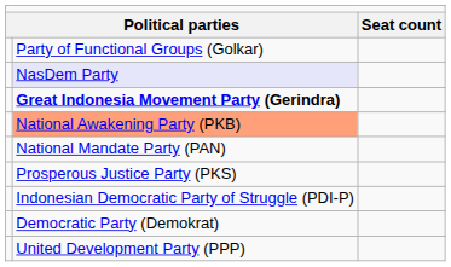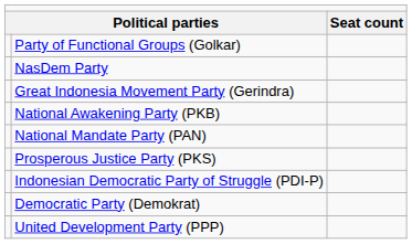 <table class="wikitable">
 <tr>
 <td colspan="4"></td>
 </tr>
 <tr>
 <th colspan="2">Political parties</th>
 <th>Seat count</th>
 </tr>
 <tr>
 <td bgcolor=></td>
 <td><a href='#'>Party of Functional Groups</a> (Golkar)</td>
 <td></td>
 </tr>
 <tr>
 <td bgcolor=></td>
-<td style="background: lavender;"><a href='#'>NasDem Party</a></td>
+<td><a href='#'>NasDem Party</a></td>
 <td></td>
 </tr>
 <tr>
 <td bgcolor=></td>
-<td><strong><a href='#'>Great Indonesia Movement Party</a> (Gerindra)</strong></td>
+<td><a href='#'>Great Indonesia Movement Party</a> (Gerindra)</td>
 <td></td>
 </tr>
 <tr>
 <td bgcolor=></td>
-<td style="background: lightsalmon;"><a href='#'>National Awakening Party</a> (PKB)</td>
+<td><a href='#'>National Awakening Party</a> (PKB)</td>
 <td></td>
 </tr>
 <tr>
 <td bgcolor=></td>
 <td><a href='#'>National Mandate Party</a> (PAN)</td>
 <td></td>
 </tr>
 <tr>
 <td bgcolor=></td>
 <td><a href='#'>Prosperous Justice Party</a> (PKS)</td>
 <td></td>
 </tr>
 <tr>
 <td bgcolor=></td>
 <td><a href='#'>Indonesian Democratic Party of Struggle</a> (PDI-P)</td>
 <td></td>
 </tr>
 <tr>
 <td bgcolor=></td>
 <td><a href='#'>Democratic Party</a> (Demokrat)</td>
 <td></td>
 </tr>
 <tr>
 <td bgcolor=></td>
 <td><a href='#'>United Development Party</a> (PPP)</td>
 <td></td>
 </tr>
 </table>
